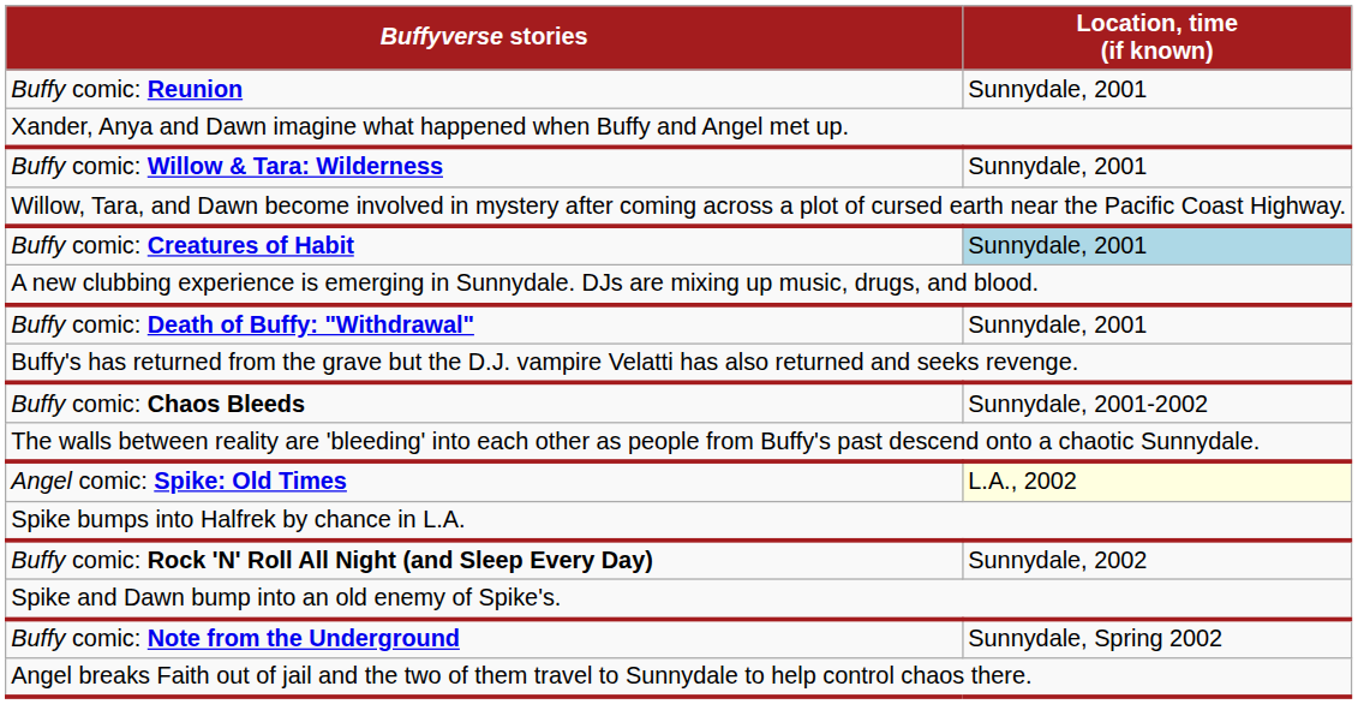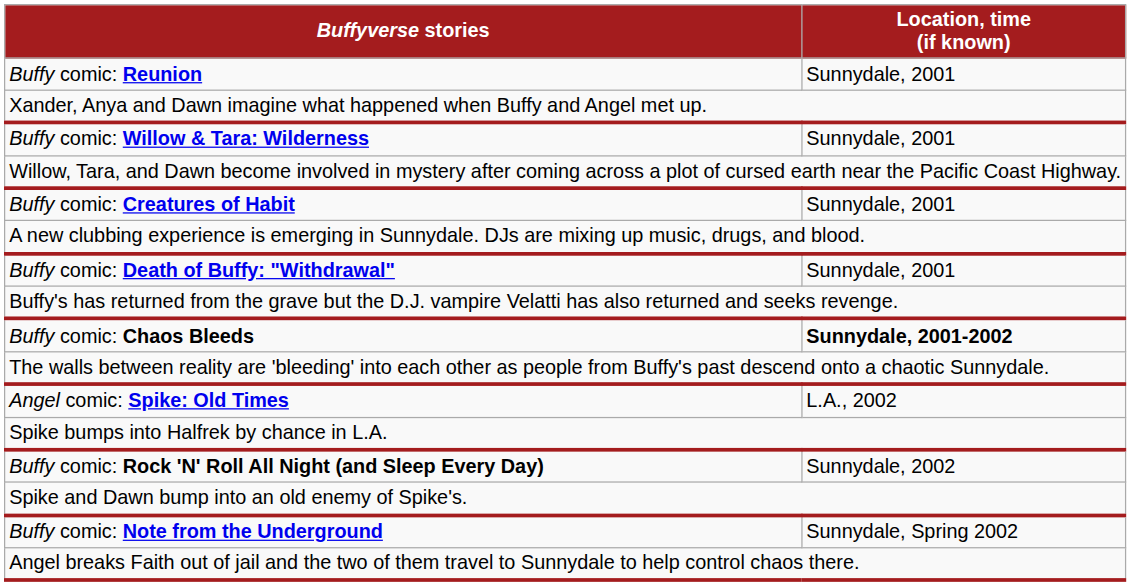 <table class="wikitable">
 <tr>
 <th style="background: #A41C1E; color: white;"><em>Buffyverse</em> stories</th>
 <th style="background: #A41C1E; color: white;"><strong>Location, time</strong><br>(if known)</th>
 </tr>
 <tr>
 <td><em>Buffy</em> comic: <strong><a href='#'>Reunion</a></strong></td>
 <td>Sunnydale, 2001</td>
 </tr>
 <tr>
 <td style="border-bottom: 3px solid #A41C1E;" colspan="2">Xander, Anya and Dawn imagine what happened when Buffy and Angel met up.</td>
 </tr>
 <tr>
 <td><em>Buffy</em> comic: <strong><a href='#'>Willow & Tara: Wilderness</a></strong></td>
 <td>Sunnydale, 2001</td>
 </tr>
 <tr>
 <td style="border-bottom: 3px solid #A41C1E;" colspan="2">Willow, Tara, and Dawn become involved in mystery after coming across a plot of cursed earth near the Pacific Coast Highway.</td>
 </tr>
 <tr>
 <td><em>Buffy</em> comic: <strong><a href='#'>Creatures of Habit</a></strong></td>
-<td style="background: lightblue;">Sunnydale, 2001</td>
+<td>Sunnydale, 2001</td>
 </tr>
 <tr>
 <td style="border-bottom: 3px solid #A41C1E;" colspan="2">A new clubbing experience is emerging in Sunnydale. DJs are mixing up music, drugs, and blood.</td>
 </tr>
 <tr>
 <td><em>Buffy</em> comic: <strong><a href='#'>Death of Buffy: "Withdrawal"</a></strong></td>
 <td>Sunnydale, 2001</td>
 </tr>
 <tr>
 <td style="border-bottom: 3px solid #A41C1E;" colspan="2">Buffy's has returned from the grave but the D.J. vampire Velatti has also returned and seeks revenge.</td>
 </tr>
 <tr>
 <td><em>Buffy</em> comic: <strong>Chaos Bleeds</strong></td>
-<td>Sunnydale, 2001-2002</td>
+<td><strong>Sunnydale, 2001-2002</strong></td>
 </tr>
 <tr>
 <td style="border-bottom: 3px solid #A41C1E;" colspan="2">The walls between reality are 'bleeding' into each other as people from Buffy's past descend onto a chaotic Sunnydale.</td>
 </tr>
 <tr>
 <td><em>Angel</em> comic: <strong><a href='#'>Spike: Old Times</a></strong></td>
-<td style="background: lightyellow;">L.A., 2002</td>
+<td>L.A., 2002</td>
 </tr>
 <tr>
 <td style="border-bottom: 3px solid #A41C1E;" colspan="2">Spike bumps into Halfrek by chance in L.A.</td>
 </tr>
 <tr>
 <td><em>Buffy</em> comic: <strong>Rock 'N' Roll All Night (and Sleep Every Day)</strong></td>
 <td>Sunnydale, 2002</td>
 </tr>
 <tr>
 <td style="border-bottom: 3px solid #A41C1E;" colspan="2">Spike and Dawn bump into an old enemy of Spike's.</td>
 </tr>
 <tr>
 <td><em>Buffy</em> comic: <strong><a href='#'>Note from the Underground</a></strong></td>
 <td>Sunnydale, Spring 2002</td>
 </tr>
 <tr>
 <td style="border-bottom: 3px solid #A41C1E;" colspan="2">Angel breaks Faith out of jail and the two of them travel to Sunnydale to help control chaos there.</td>
 </tr>
 </table>
